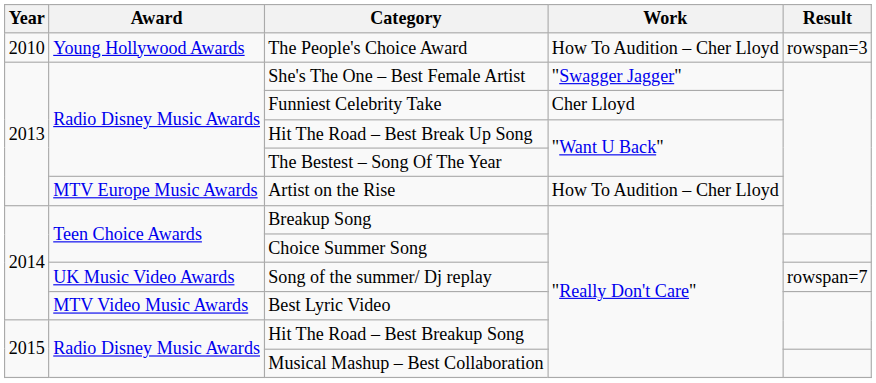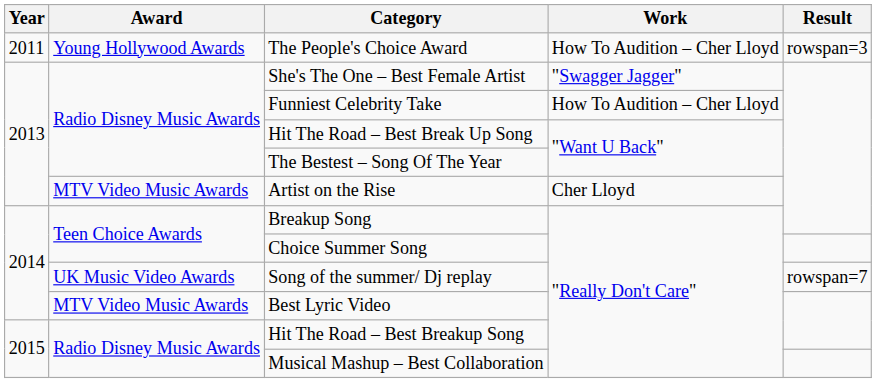 <table class="wikitable">
 <tr>
 <th>Year</th>
 <th>Award</th>
 <th>Category</th>
 <th>Work</th>
 <th>Result</th>
 </tr>
 <tr>
-<td>2010</td>
+<td>2011</td>
 <td><a href='#'>Young Hollywood Awards</a></td>
 <td>The People's Choice Award</td>
 <td>How To Audition – Cher Lloyd</td>
 <td>rowspan=3 </td>
 </tr>
 <tr>
 <td rowspan="5">2013</td>
 <td rowspan="4"><a href='#'>Radio Disney Music Awards</a></td>
 <td>She's The One – Best Female Artist</td>
 <td>"<a href='#'>Swagger Jagger</a>"</td>
 </tr>
 <tr>
 <td>Funniest Celebrity Take</td>
-<td>Cher Lloyd</td>
+<td>How To Audition – Cher Lloyd</td>
 </tr>
 <tr>
 <td>Hit The Road – Best Break Up Song</td>
 <td rowspan="2">"<a href='#'>Want U Back</a>"</td>
 </tr>
 <tr>
 <td>The Bestest – Song Of The Year</td>
 </tr>
 <tr>
-<td><a href='#'>MTV Europe Music Awards</a></td>
+<td><a href='#'>MTV Video Music Awards</a></td>
 <td>Artist on the Rise</td>
-<td>How To Audition – Cher Lloyd</td>
+<td>Cher Lloyd</td>
 </tr>
 <tr>
 <td rowspan="4">2014</td>
 <td rowspan="2"><a href='#'>Teen Choice Awards</a></td>
 <td>Breakup Song</td>
 <td rowspan="6">"<a href='#'>Really Don't Care</a>"<br></td>
 </tr>
 <tr>
 <td>Choice Summer Song</td>
 <td></td>
 </tr>
 <tr>
 <td><a href='#'>UK Music Video Awards</a></td>
 <td>Song of the summer/ Dj replay</td>
 <td>rowspan=7 </td>
 </tr>
 <tr>
 <td><a href='#'>MTV Video Music Awards</a></td>
 <td>Best Lyric Video</td>
 </tr>
 <tr>
 <td rowspan="2">2015</td>
 <td rowspan="2"><a href='#'>Radio Disney Music Awards</a></td>
 <td>Hit The Road – Best Breakup Song</td>
 </tr>
 <tr>
 <td>Musical Mashup – Best Collaboration</td>
 <td></td>
 </tr>
 </table>
